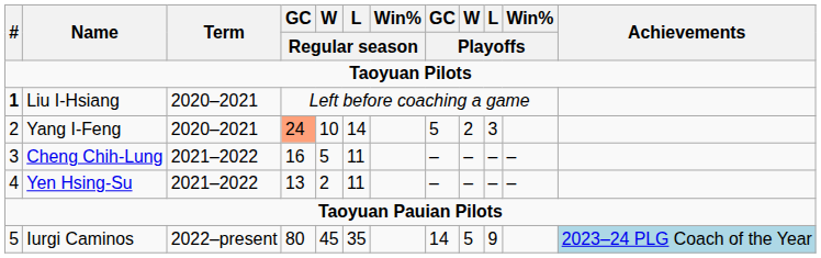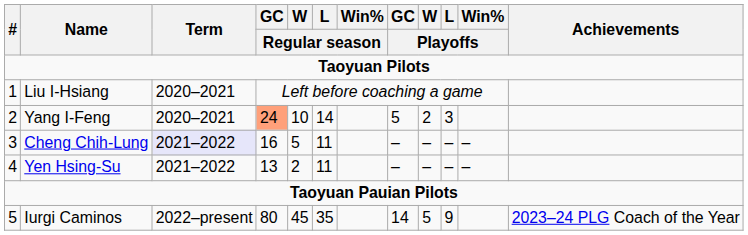 <table class="wikitable sortable">
 <tr>
 <th rowspan="2">#</th>
 <th rowspan="2">Name</th>
 <th rowspan="2">Term</th>
 <th>GC</th>
 <th>W</th>
 <th>L</th>
 <th>Win%</th>
 <th>GC</th>
 <th>W</th>
 <th>L</th>
 <th>Win%</th>
 <th rowspan="2" class=unsortable>Achievements</th>
 </tr>
 <tr class="unsortable">
 <th colspan="4">Regular season</th>
 <th colspan="4">Playoffs</th>
 </tr>
 <tr>
 <td align=center colspan="15"><strong>Taoyuan Pilots</strong></td>
 </tr>
 <tr>
-<td align=center><strong>1</strong></td>
+<td align=center>1</td>
 <td>Liu I-Hsiang</td>
 <td>2020–2021</td>
 <td colspan=8 align="center"><em>Left before coaching a game</em></td>
 <td></td>
 </tr>
 <tr>
 <td align=center>2</td>
 <td>Yang I-Feng</td>
 <td>2020–2021</td>
 <td style="background: lightsalmon;">24</td>
 <td>10</td>
 <td>14</td>
 <td></td>
 <td>5</td>
 <td>2</td>
 <td>3</td>
 <td></td>
 <td></td>
 </tr>
 <tr>
 <td align=center>3</td>
 <td><a href='#'>Cheng Chih-Lung</a></td>
-<td>2021–2022</td>
+<td style="background: lavender;">2021–2022</td>
 <td>16</td>
 <td>5</td>
 <td>11</td>
 <td></td>
 <td>–</td>
 <td>–</td>
 <td>–</td>
 <td>–</td>
 <td></td>
 </tr>
 <tr>
 <td align=center>4</td>
 <td><a href='#'>Yen Hsing-Su</a></td>
 <td>2021–2022</td>
 <td>13</td>
 <td>2</td>
 <td>11</td>
 <td></td>
 <td>–</td>
 <td>–</td>
 <td>–</td>
 <td>–</td>
 <td></td>
 </tr>
 <tr>
 <td align=center colspan="15"><strong>Taoyuan Pauian Pilots</strong></td>
 </tr>
 <tr>
 <td align=center>5</td>
 <td>Iurgi Caminos</td>
 <td>2022–present</td>
 <td>80</td>
 <td>45</td>
 <td>35</td>
 <td></td>
 <td>14</td>
 <td>5</td>
 <td>9</td>
 <td></td>
-<td style="background: lightblue;"><a href='#'>2023–24 PLG</a> Coach of the Year</td>
+<td><a href='#'>2023–24 PLG</a> Coach of the Year</td>
 </tr>
 </table>
